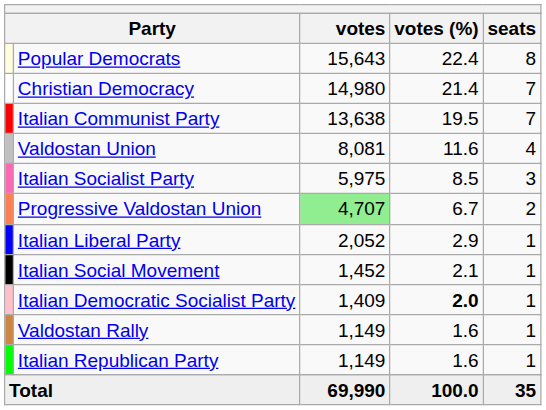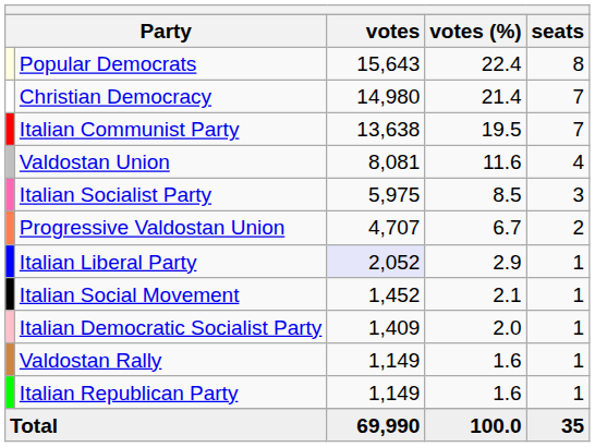 <table class="wikitable" style="font-size:95%">
 <tr>
 <th colspan=5></th>
 </tr>
 <tr>
 </tr>
 <tr bgcolor="EFEFEF">
 <th colspan=2>Party</th>
 <th>      votes</th>
 <th>votes (%)</th>
 <th>seats</th>
 </tr>
 <tr>
 <td bgcolor=Lightyellow></td>
 <td><a href='#'>Popular Democrats</a></td>
 <td align=right>15,643</td>
 <td align=right>22.4</td>
 <td align=right>8</td>
 </tr>
 <tr>
 <td bgcolor=White></td>
 <td><a href='#'>Christian Democracy</a></td>
 <td align=right>14,980</td>
 <td align=right>21.4</td>
 <td align=right>7</td>
 </tr>
 <tr>
 <td bgcolor=Red></td>
 <td><a href='#'>Italian Communist Party</a></td>
 <td align=right>13,638</td>
 <td align=right>19.5</td>
 <td align=right>7</td>
 </tr>
 <tr>
 <td bgcolor=Silver></td>
 <td><a href='#'>Valdostan Union</a></td>
 <td align=right>8,081</td>
 <td align=right>11.6</td>
 <td align=right>4</td>
 </tr>
 <tr>
 <td bgcolor=Hotpink></td>
 <td><a href='#'>Italian Socialist Party</a></td>
 <td align=right>5,975</td>
 <td align=right>8.5</td>
 <td align=right>3</td>
 </tr>
 <tr>
 <td bgcolor=Coral></td>
 <td><a href='#'>Progressive Valdostan Union</a></td>
-<td align=right style="background: lightgreen;">4,707</td>
+<td align=right>4,707</td>
 <td align=right>6.7</td>
 <td align=right>2</td>
 </tr>
 <tr>
 <td bgcolor=Blue></td>
 <td><a href='#'>Italian Liberal Party</a></td>
-<td align=right>2,052</td>
+<td align=right style="background: lavender;">2,052</td>
 <td align=right>2.9</td>
 <td align=right>1</td>
 </tr>
 <tr>
 <td bgcolor=Black></td>
 <td><a href='#'>Italian Social Movement</a></td>
 <td align=right>1,452</td>
 <td align=right>2.1</td>
 <td align=right>1</td>
 </tr>
 <tr>
 <td bgcolor=Pink></td>
 <td><a href='#'>Italian Democratic Socialist Party</a></td>
 <td align=right>1,409</td>
-<td align=right><strong>2.0</strong></td>
+<td align=right>2.0</td>
 <td align=right>1</td>
 </tr>
 <tr>
 <td bgcolor=Peru></td>
 <td><a href='#'>Valdostan Rally</a></td>
 <td align=right>1,149</td>
 <td align=right>1.6</td>
 <td align=right>1</td>
 </tr>
 <tr>
 <td bgcolor=Lime></td>
 <td><a href='#'>Italian Republican Party</a></td>
 <td align=right>1,149</td>
 <td align=right>1.6</td>
 <td align=right>1</td>
 </tr>
 <tr>
 </tr>
 <tr bgcolor="EFEFEF">
 <td colspan=2><strong>Total</strong></td>
 <td align=right><strong>69,990</strong></td>
 <td align=right><strong>100.0</strong></td>
 <td align=right><strong>35</strong></td>
 </tr>
 </table>
